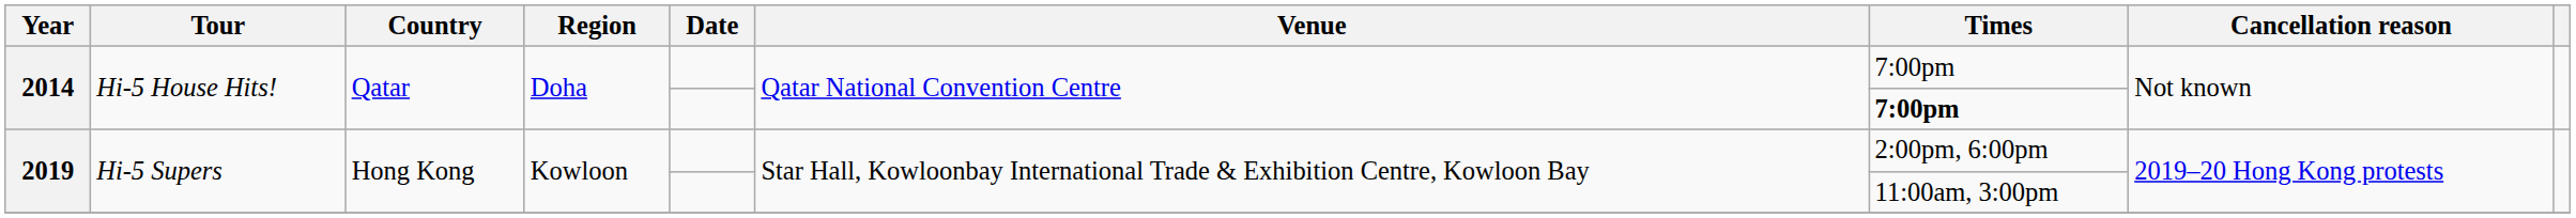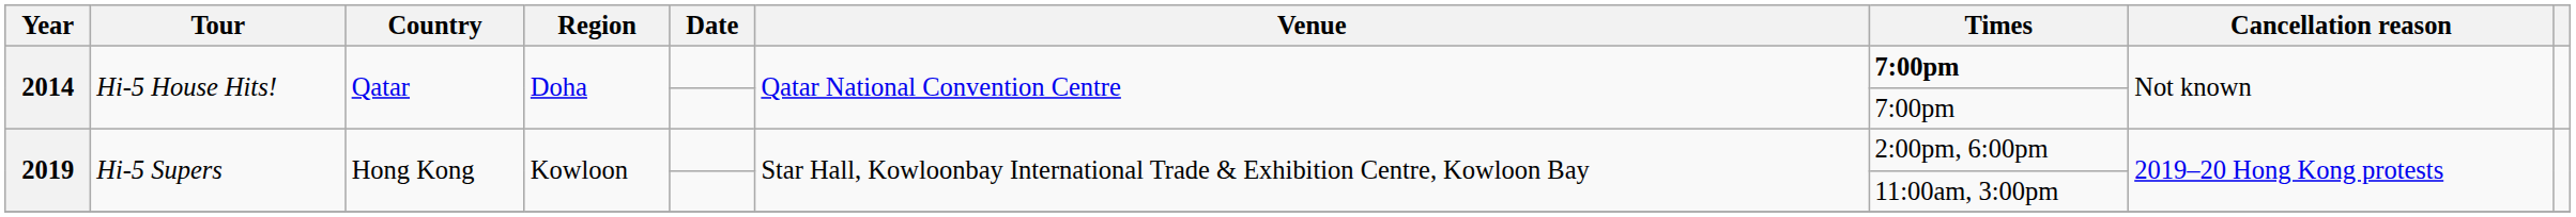 <table class="wikitable plainrowheaders sortable" style="width:99%;">
 <tr style="background:#ccc; text-align:center;">
 <th scope="col">Year</th>
 <th scope="col">Tour</th>
 <th scope="col">Country</th>
 <th scope="col">Region</th>
 <th scope="col">Date</th>
 <th scope="col">Venue</th>
 <th scope="col">Times</th>
 <th scope="col">Cancellation reason</th>
 <th scope="col" class="unsortable"></th>
 </tr>
 <tr>
 <th scope="row" rowspan="2">2014</th>
 <td rowspan="2"><em>Hi-5 House Hits!</em></td>
 <td rowspan="2"><a href='#'>Qatar</a></td>
 <td rowspan="2"><a href='#'>Doha</a></td>
 <td></td>
 <td rowspan="2"><a href='#'>Qatar National Convention Centre</a></td>
-<td>7:00pm</td>
+<td><strong>7:00pm</strong></td>
 <td rowspan="2">Not known</td>
 <td style="text-align:center;" rowspan="2"></td>
 </tr>
 <tr>
 <td></td>
-<td><strong>7:00pm</strong></td>
+<td>7:00pm</td>
 </tr>
 <tr>
 <th scope="row" rowspan="2">2019</th>
 <td rowspan="2"><em>Hi-5 Supers</em></td>
 <td rowspan="2">Hong Kong</td>
 <td rowspan="2">Kowloon</td>
 <td></td>
 <td rowspan="2">Star Hall, Kowloonbay International Trade & Exhibition Centre, Kowloon Bay</td>
 <td>2:00pm, 6:00pm</td>
 <td rowspan="2"><a href='#'>2019–20 Hong Kong protests</a></td>
 <td style="text-align:center;" rowspan="2"></td>
 </tr>
 <tr>
 <td></td>
 <td>11:00am, 3:00pm</td>
 </tr>
 <tr>
 </tr>
 </table>
